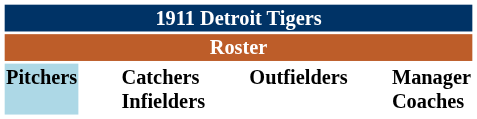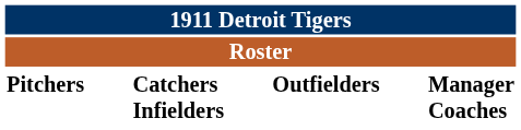 <table class="toccolours" style="font-size: 95%;">
 <tr>
 <th colspan="10" style="background-color: #003366; color: white; text-align: center;">1911 Detroit Tigers</th>
 </tr>
 <tr>
 <td colspan="10" style="background-color: #bd5d29; color: white; text-align: center;"><strong>Roster</strong></td>
 </tr>
 <tr>
-<td valign="top" style="background: lightblue;"><strong>Pitchers</strong><br>          </td>
+<td valign="top"><strong>Pitchers</strong><br>          </td>
 <td width="25px"></td>
 <td valign="top"><strong>Catchers</strong><br>    <strong>Infielders</strong>         </td>
 <td width="25px"></td>
 <td valign="top"><strong>Outfielders</strong><br>    </td>
 <td width="25px"></td>
 <td valign="top"><strong>Manager</strong><br> <strong>Coaches</strong> </td>
 </tr>
 </table>
